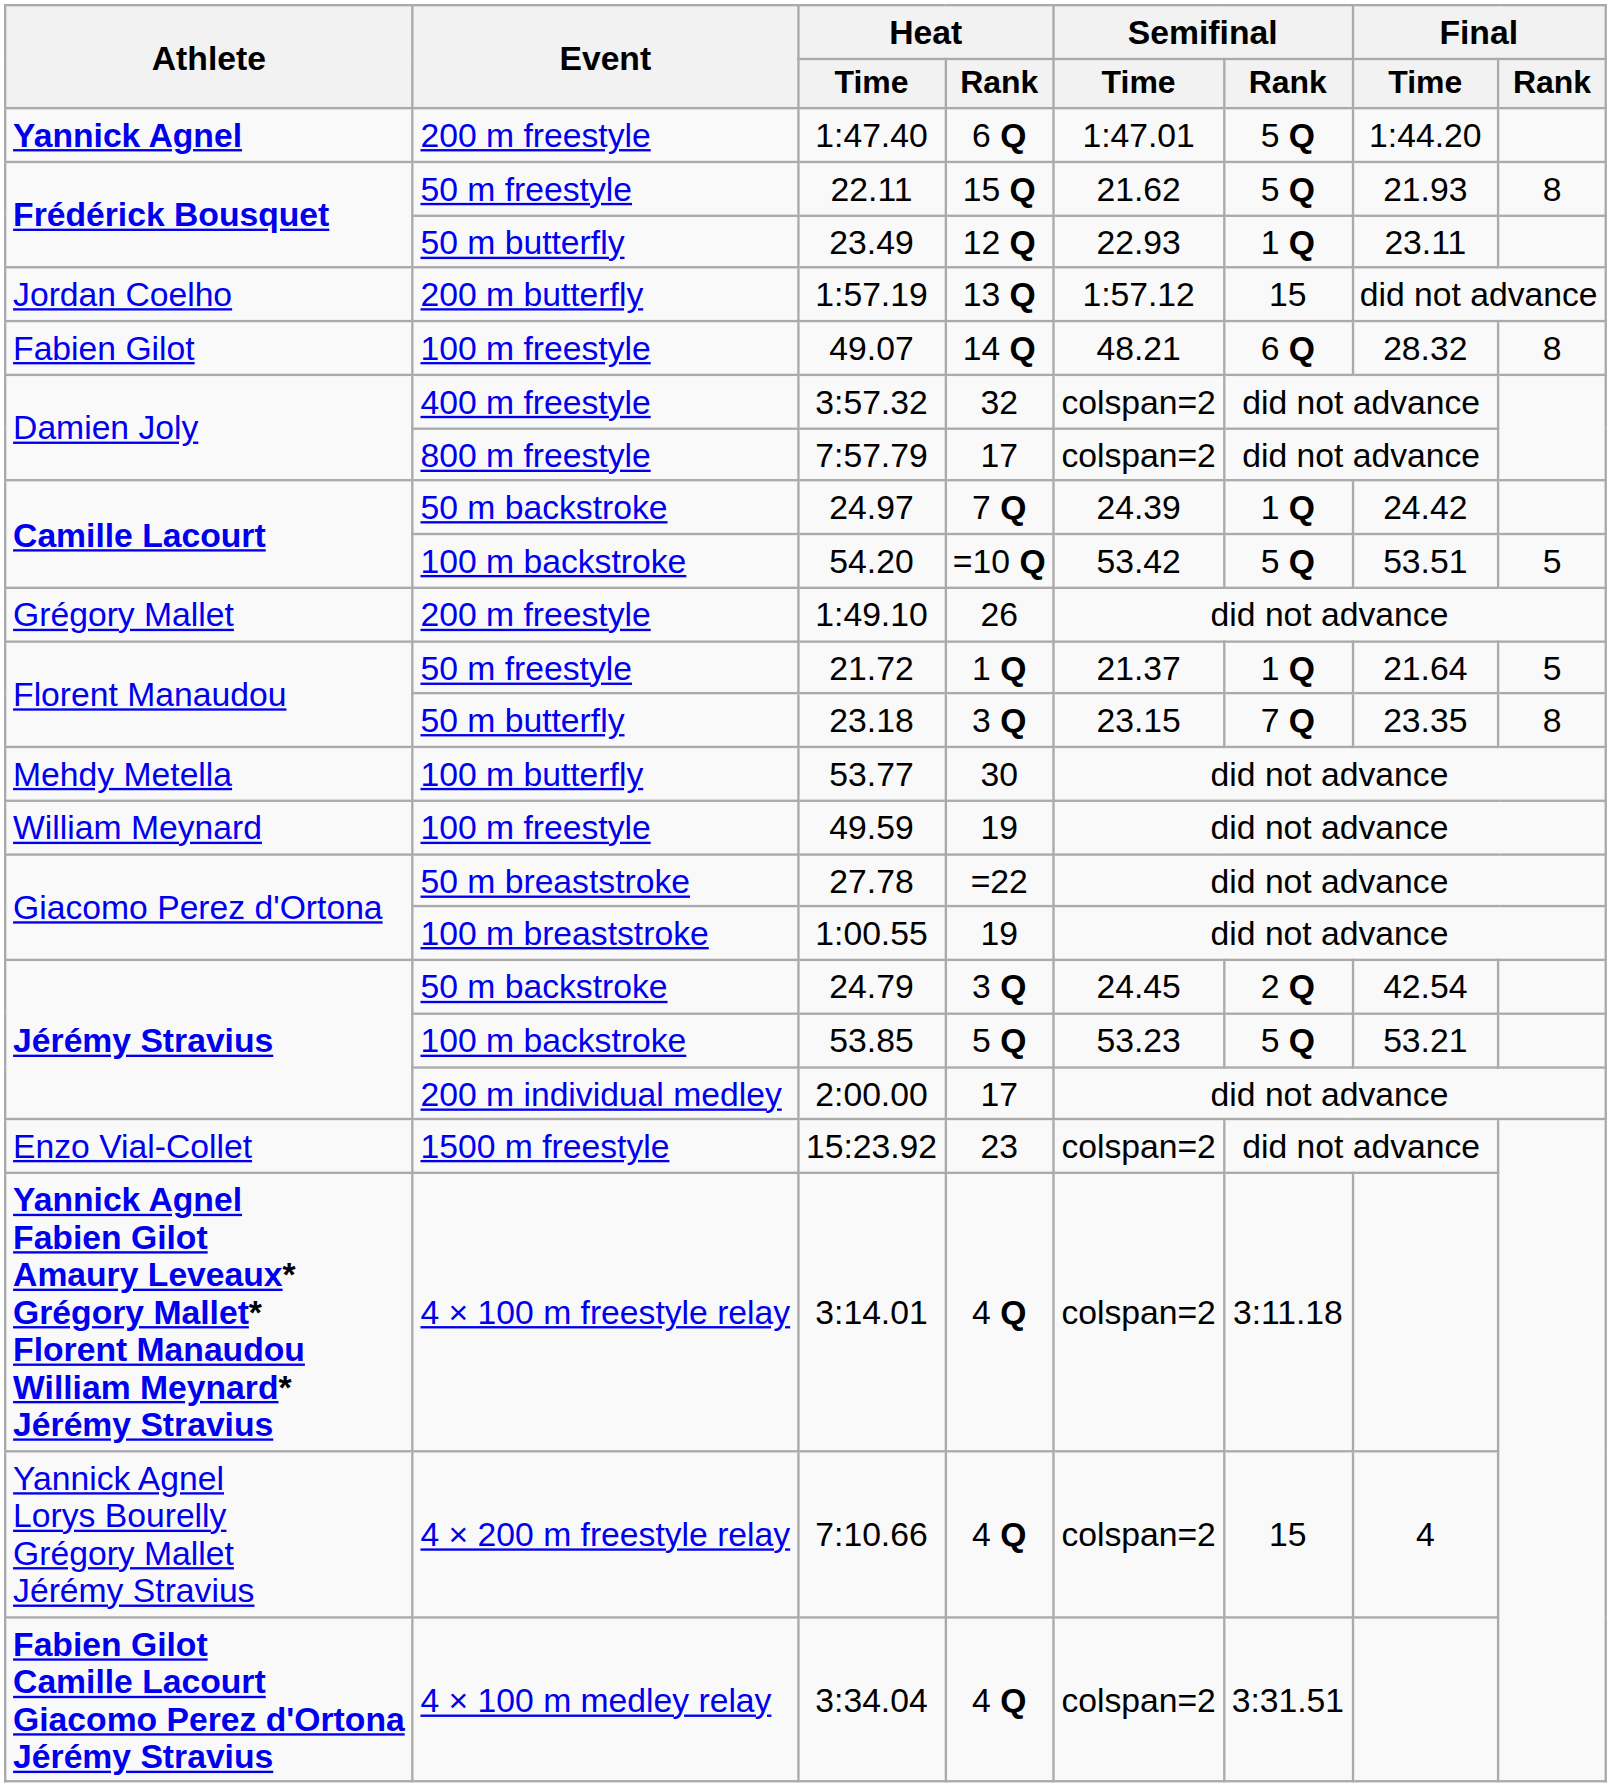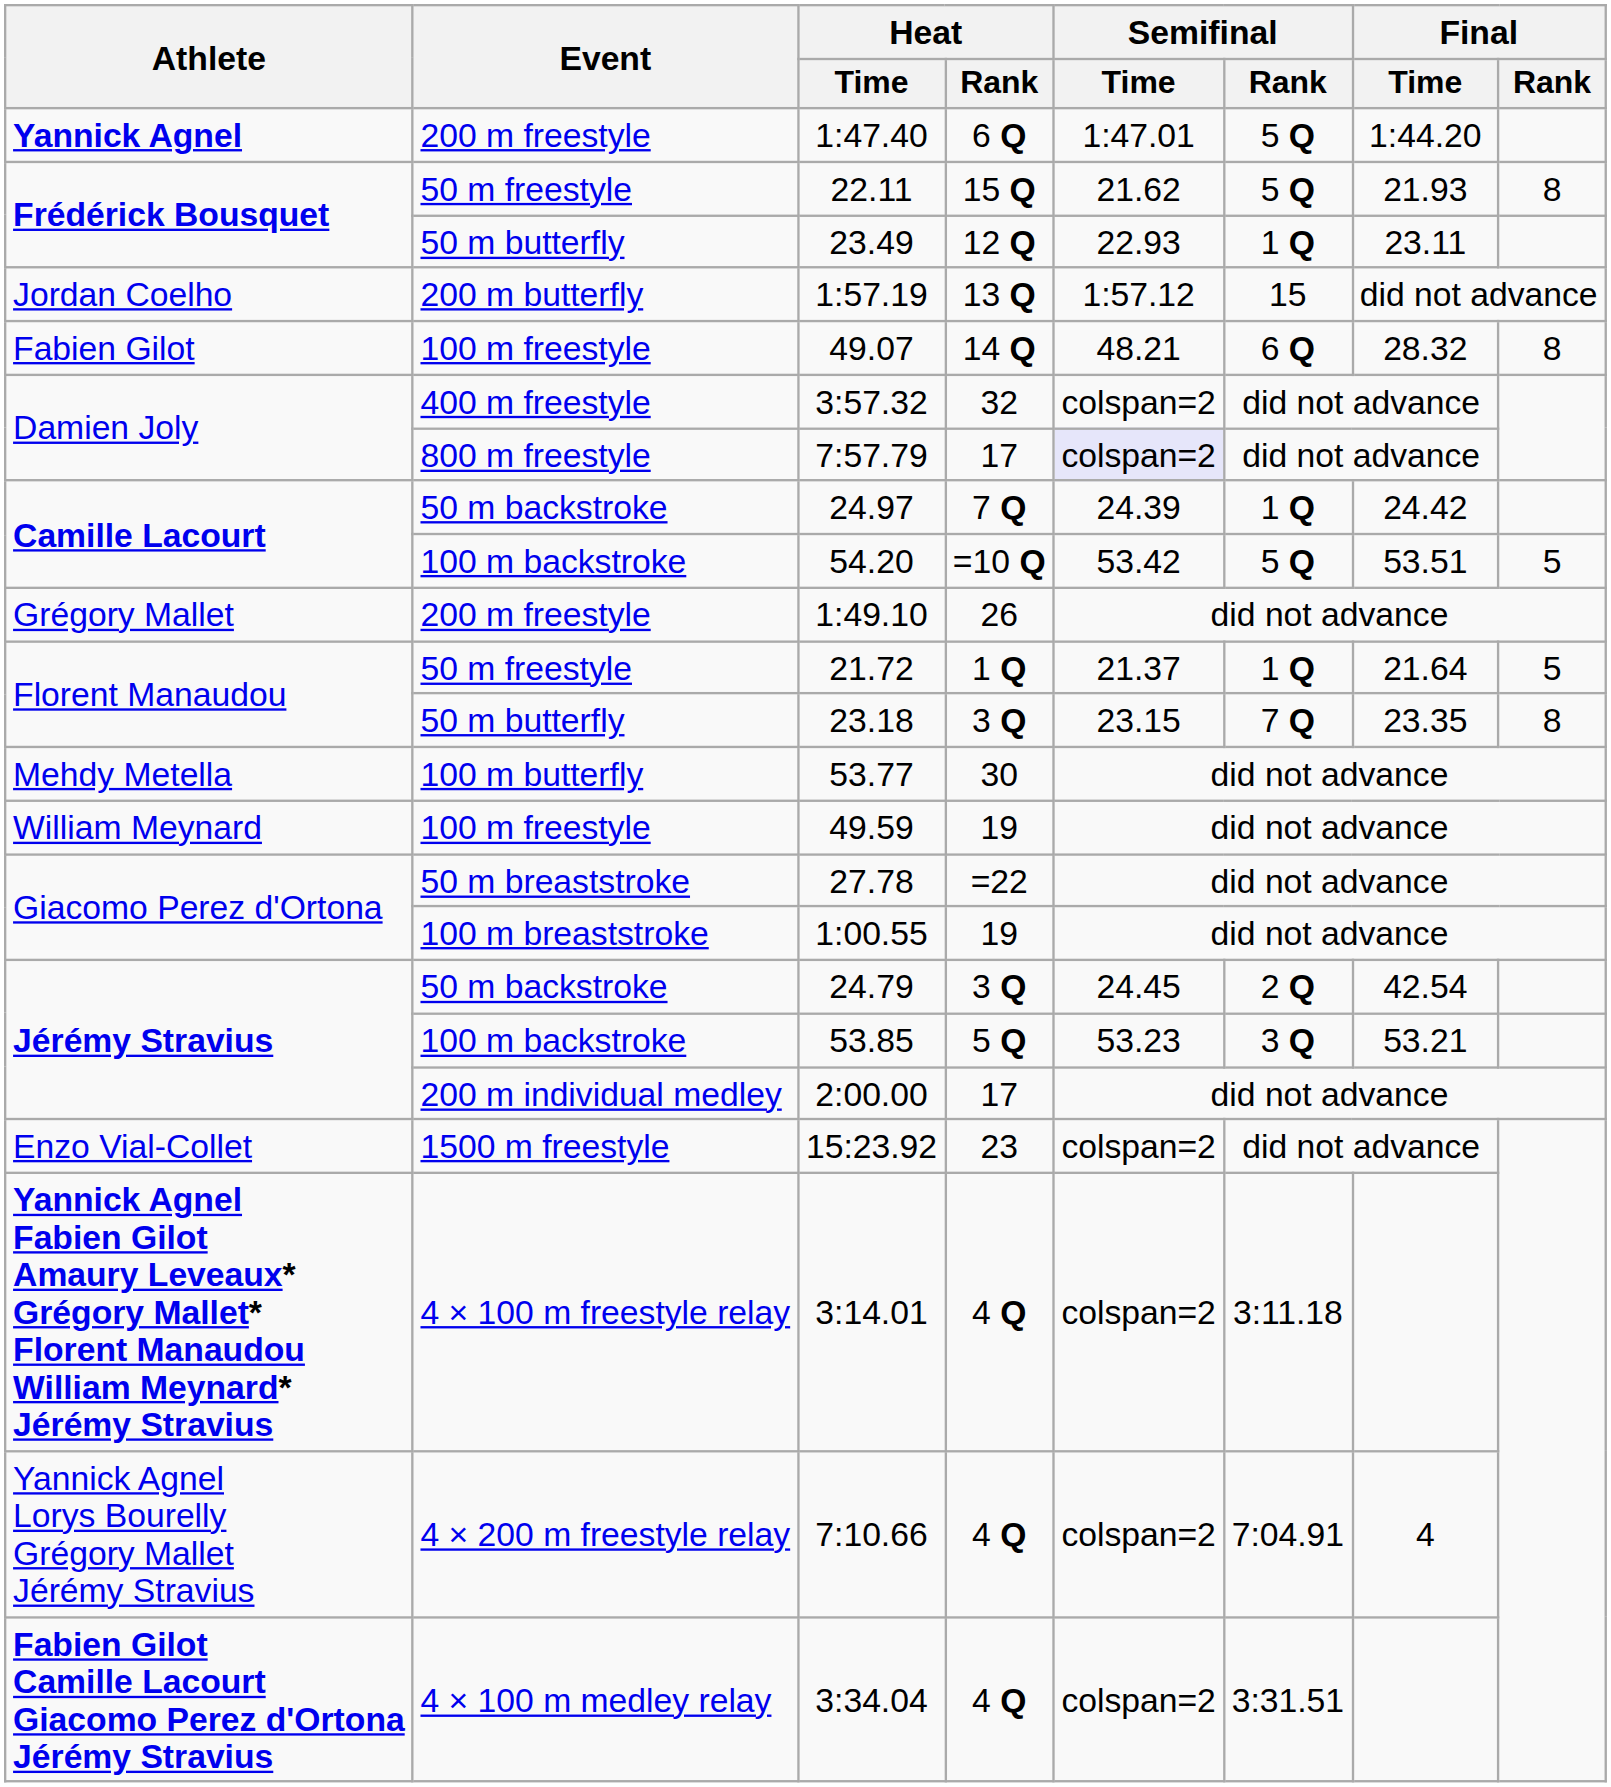 <table class=wikitable style="font-size:90%">
 <tr>
 <th rowspan="2">Athlete</th>
 <th rowspan="2">Event</th>
 <th colspan="2">Heat</th>
 <th colspan="2">Semifinal</th>
 <th colspan="2">Final</th>
 </tr>
 <tr style="font-size:95%">
 <th>Time</th>
 <th>Rank</th>
 <th>Time</th>
 <th>Rank</th>
 <th>Time</th>
 <th>Rank</th>
 </tr>
 <tr align=center>
 <td align=left><strong><a href='#'>Yannick Agnel</a></strong></td>
 <td align=left><a href='#'>200 m freestyle</a></td>
 <td>1:47.40</td>
 <td>6 <strong>Q</strong></td>
 <td>1:47.01</td>
 <td>5 <strong>Q</strong></td>
 <td>1:44.20</td>
 <td></td>
 </tr>
 <tr align=center>
 <td align=left rowspan=2><strong><a href='#'>Frédérick Bousquet</a></strong></td>
 <td align=left><a href='#'>50 m freestyle</a></td>
 <td>22.11</td>
 <td>15 <strong>Q</strong></td>
 <td>21.62</td>
 <td>5 <strong>Q</strong></td>
 <td>21.93</td>
 <td>8</td>
 </tr>
 <tr align=center>
 <td align=left><a href='#'>50 m butterfly</a></td>
 <td>23.49</td>
 <td>12 <strong>Q</strong></td>
 <td>22.93</td>
 <td>1 <strong>Q</strong></td>
 <td>23.11</td>
 <td></td>
 </tr>
 <tr align=center>
 <td align=left><a href='#'>Jordan Coelho</a></td>
 <td align=left><a href='#'>200 m butterfly</a></td>
 <td>1:57.19</td>
 <td>13 <strong>Q</strong></td>
 <td>1:57.12</td>
 <td>15</td>
 <td colspan=2>did not advance</td>
 </tr>
 <tr align=center>
 <td align=left><a href='#'>Fabien Gilot</a></td>
 <td align=left><a href='#'>100 m freestyle</a></td>
 <td>49.07</td>
 <td>14 <strong>Q</strong></td>
 <td>48.21</td>
 <td>6 <strong>Q</strong></td>
 <td>28.32</td>
 <td>8</td>
 </tr>
 <tr align=center>
 <td align=left rowspan=2><a href='#'>Damien Joly</a></td>
 <td align=left><a href='#'>400 m freestyle</a></td>
 <td>3:57.32</td>
 <td>32</td>
 <td>colspan=2 </td>
 <td colspan=2>did not advance</td>
 </tr>
 <tr align=center>
 <td align=left><a href='#'>800 m freestyle</a></td>
 <td>7:57.79</td>
 <td>17</td>
-<td>colspan=2 </td>
+<td style="background: lavender;">colspan=2 </td>
 <td colspan=2>did not advance</td>
 </tr>
 <tr align=center>
 <td align=left rowspan=2><strong><a href='#'>Camille Lacourt</a></strong></td>
 <td align=left><a href='#'>50 m backstroke</a></td>
 <td>24.97</td>
 <td>7 <strong>Q</strong></td>
 <td>24.39</td>
 <td>1 <strong>Q</strong></td>
 <td>24.42</td>
 <td></td>
 </tr>
 <tr align=center>
 <td align=left><a href='#'>100 m backstroke</a></td>
 <td>54.20</td>
 <td>=10 <strong>Q</strong></td>
 <td>53.42</td>
 <td>5 <strong>Q</strong></td>
 <td>53.51</td>
 <td>5</td>
 </tr>
 <tr align=center>
 <td align=left><a href='#'>Grégory Mallet</a></td>
 <td align=left><a href='#'>200 m freestyle</a></td>
 <td>1:49.10</td>
 <td>26</td>
 <td colspan=4>did not advance</td>
 </tr>
 <tr align=center>
 <td align=left rowspan=2><a href='#'>Florent Manaudou</a></td>
 <td align=left><a href='#'>50 m freestyle</a></td>
 <td>21.72</td>
 <td>1 <strong>Q</strong></td>
 <td>21.37</td>
 <td>1 <strong>Q</strong></td>
 <td>21.64</td>
 <td>5</td>
 </tr>
 <tr align=center>
 <td align=left><a href='#'>50 m butterfly</a></td>
 <td>23.18</td>
 <td>3 <strong>Q</strong></td>
 <td>23.15</td>
 <td>7 <strong>Q</strong></td>
 <td>23.35</td>
 <td>8</td>
 </tr>
 <tr align=center>
 <td align=left><a href='#'>Mehdy Metella</a></td>
 <td align=left><a href='#'>100 m butterfly</a></td>
 <td>53.77</td>
 <td>30</td>
 <td colspan=4>did not advance</td>
 </tr>
 <tr align=center>
 <td align=left><a href='#'>William Meynard</a></td>
 <td align=left><a href='#'>100 m freestyle</a></td>
 <td>49.59</td>
 <td>19</td>
 <td colspan=4>did not advance</td>
 </tr>
 <tr align=center>
 <td align=left rowspan=2><a href='#'>Giacomo Perez d'Ortona</a></td>
 <td align=left><a href='#'>50 m breaststroke</a></td>
 <td>27.78</td>
 <td>=22</td>
 <td colspan=4>did not advance</td>
 </tr>
 <tr align=center>
 <td align=left><a href='#'>100 m breaststroke</a></td>
 <td>1:00.55</td>
 <td>19</td>
 <td colspan=4>did not advance</td>
 </tr>
 <tr align=center>
 <td align=left rowspan=3><strong><a href='#'>Jérémy Stravius</a></strong></td>
 <td align=left><a href='#'>50 m backstroke</a></td>
 <td>24.79</td>
 <td>3 <strong>Q</strong></td>
 <td>24.45</td>
 <td>2 <strong>Q</strong></td>
 <td>42.54</td>
 <td></td>
 </tr>
 <tr align=center>
 <td align=left><a href='#'>100 m backstroke</a></td>
 <td>53.85</td>
 <td>5 <strong>Q</strong></td>
 <td>53.23</td>
-<td>5 <strong>Q</strong></td>
+<td>3 <strong>Q</strong></td>
 <td>53.21</td>
 <td></td>
 </tr>
 <tr align=center>
 <td align=left><a href='#'>200 m individual medley</a></td>
 <td>2:00.00</td>
 <td>17</td>
 <td colspan=4>did not advance</td>
 </tr>
 <tr align=center>
 <td align=left><a href='#'>Enzo Vial-Collet</a></td>
 <td align=left><a href='#'>1500 m freestyle</a></td>
 <td>15:23.92</td>
 <td>23</td>
 <td>colspan=2 </td>
 <td colspan=2>did not advance</td>
 </tr>
 <tr align=center>
 <td align=left><strong><a href='#'>Yannick Agnel</a><br><a href='#'>Fabien Gilot</a><br><a href='#'>Amaury Leveaux</a>*<br><a href='#'>Grégory Mallet</a>*<br><a href='#'>Florent Manaudou</a><br><a href='#'>William Meynard</a>*<br><a href='#'>Jérémy Stravius</a></strong></td>
 <td align=left><a href='#'>4 × 100 m freestyle relay</a></td>
 <td>3:14.01</td>
 <td>4 <strong>Q</strong></td>
 <td>colspan=2 </td>
 <td>3:11.18</td>
 <td></td>
 </tr>
 <tr align=center>
 <td align=left><a href='#'>Yannick Agnel</a><br><a href='#'>Lorys Bourelly</a><br><a href='#'>Grégory Mallet</a><br><a href='#'>Jérémy Stravius</a></td>
 <td align=left><a href='#'>4 × 200 m freestyle relay</a></td>
 <td>7:10.66</td>
 <td>4 <strong>Q</strong></td>
 <td>colspan=2 </td>
-<td>15</td>
+<td>7:04.91</td>
 <td>4</td>
 </tr>
 <tr align=center>
 <td align=left><strong><a href='#'>Fabien Gilot</a><br><a href='#'>Camille Lacourt</a><br><a href='#'>Giacomo Perez d'Ortona</a><br><a href='#'>Jérémy Stravius</a></strong></td>
 <td align=left><a href='#'>4 × 100 m medley relay</a></td>
 <td>3:34.04</td>
 <td>4 <strong>Q</strong></td>
 <td>colspan=2 </td>
 <td>3:31.51</td>
 <td></td>
 </tr>
 </table>
